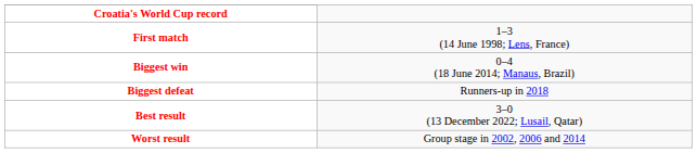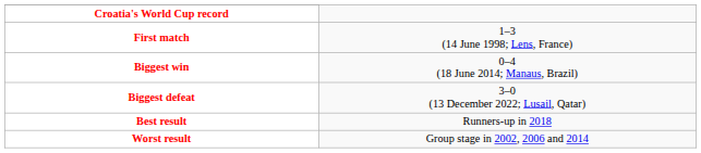 <table class="wikitable collapsible collapsed" style="width:50%; text-align:center">
 <tr>
 </tr>
 <tr>
 <th style="background:white; color:red; ">Croatia's World Cup record</th>
 </tr>
 <tr>
 <th style="background:white; color:red; ">First match</th>
 <td> 1–3 <br> (14 June 1998; <a href='#'>Lens</a>, France)</td>
 </tr>
 <tr>
 <th style="background:white; color:red; ">Biggest win</th>
 <td> 0–4 <br> (18 June 2014; <a href='#'>Manaus</a>, Brazil)</td>
 </tr>
 <tr>
 <th style="background:white; color:red; ">Biggest defeat</th>
-<td>Runners-up in <a href='#'>2018</a></td>
+<td> 3–0 <br> (13 December 2022; <a href='#'>Lusail</a>, Qatar)</td>
 </tr>
 <tr>
 <th style="background:white; color:red; ">Best result</th>
-<td> 3–0 <br> (13 December 2022; <a href='#'>Lusail</a>, Qatar)</td>
+<td>Runners-up in <a href='#'>2018</a></td>
 </tr>
 <tr>
 <th style="background:white; color:red; ">Worst result</th>
 <td>Group stage in <a href='#'>2002</a>, <a href='#'>2006</a> and <a href='#'>2014</a></td>
 </tr>
 </table>
